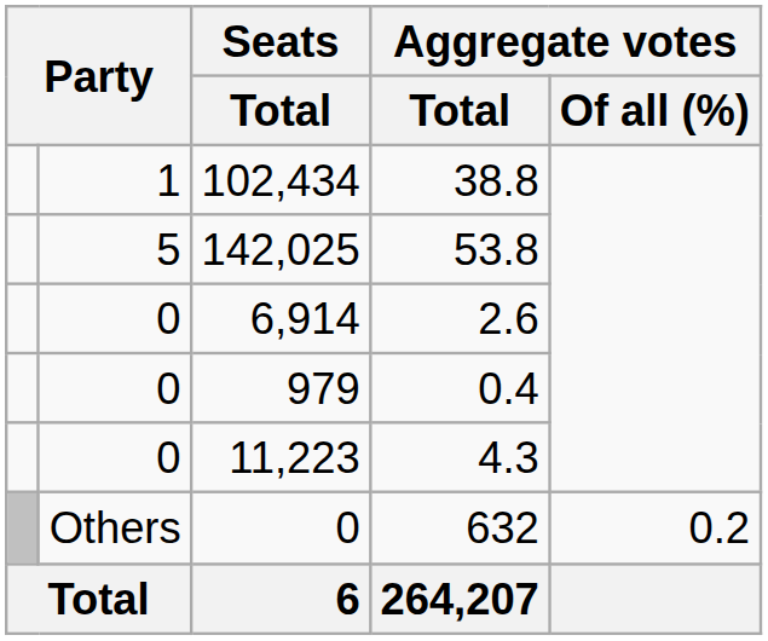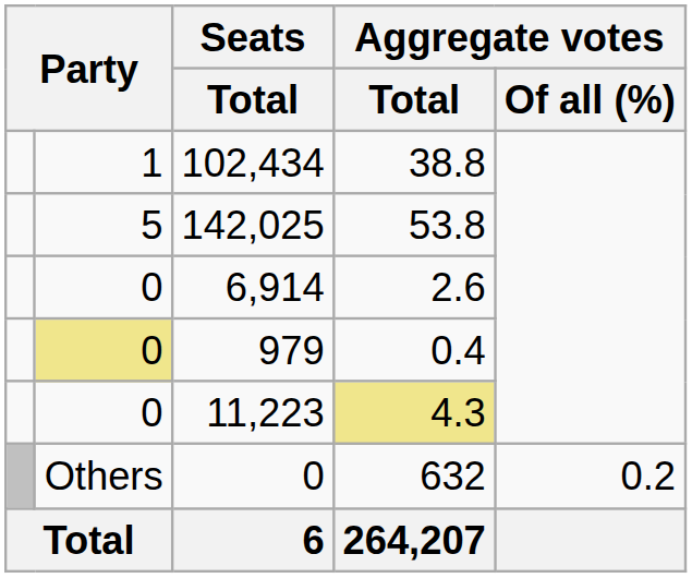 <table class="wikitable" style="text-align:right; font-size:95%;">
 <tr>
 <th colspan="2" rowspan="2">Party</th>
 <th>Seats</th>
 <th colspan="2">Aggregate votes</th>
 </tr>
 <tr>
 <th>Total</th>
 <th>Total</th>
 <th>Of all (%)</th>
 </tr>
 <tr>
 <td></td>
 <td>1</td>
 <td>102,434</td>
 <td>38.8</td>
 </tr>
 <tr>
 <td></td>
 <td>5</td>
 <td>142,025</td>
 <td>53.8</td>
 </tr>
 <tr>
 <td></td>
 <td>0</td>
 <td>6,914</td>
 <td>2.6</td>
 </tr>
 <tr>
 <td></td>
-<td>0</td>
+<td style="background: khaki;">0</td>
 <td>979</td>
 <td>0.4</td>
 </tr>
 <tr>
 <td></td>
 <td>0</td>
 <td>11,223</td>
-<td>4.3</td>
+<td style="background: khaki;">4.3</td>
 </tr>
 <tr>
 <td style="background:silver;"> </td>
 <td align=left>Others</td>
 <td>0</td>
 <td>632</td>
 <td>0.2</td>
 </tr>
 <tr>
 <th colspan="2" style="background:#f2f2f2"><strong>Total</strong></th>
 <td style="background:#f2f2f2;"><strong>6</strong></td>
 <td style="background:#f2f2f2;"><strong>264,207</strong></td>
 <td style="background:#f2f2f2;"></td>
 </tr>
 </table>
